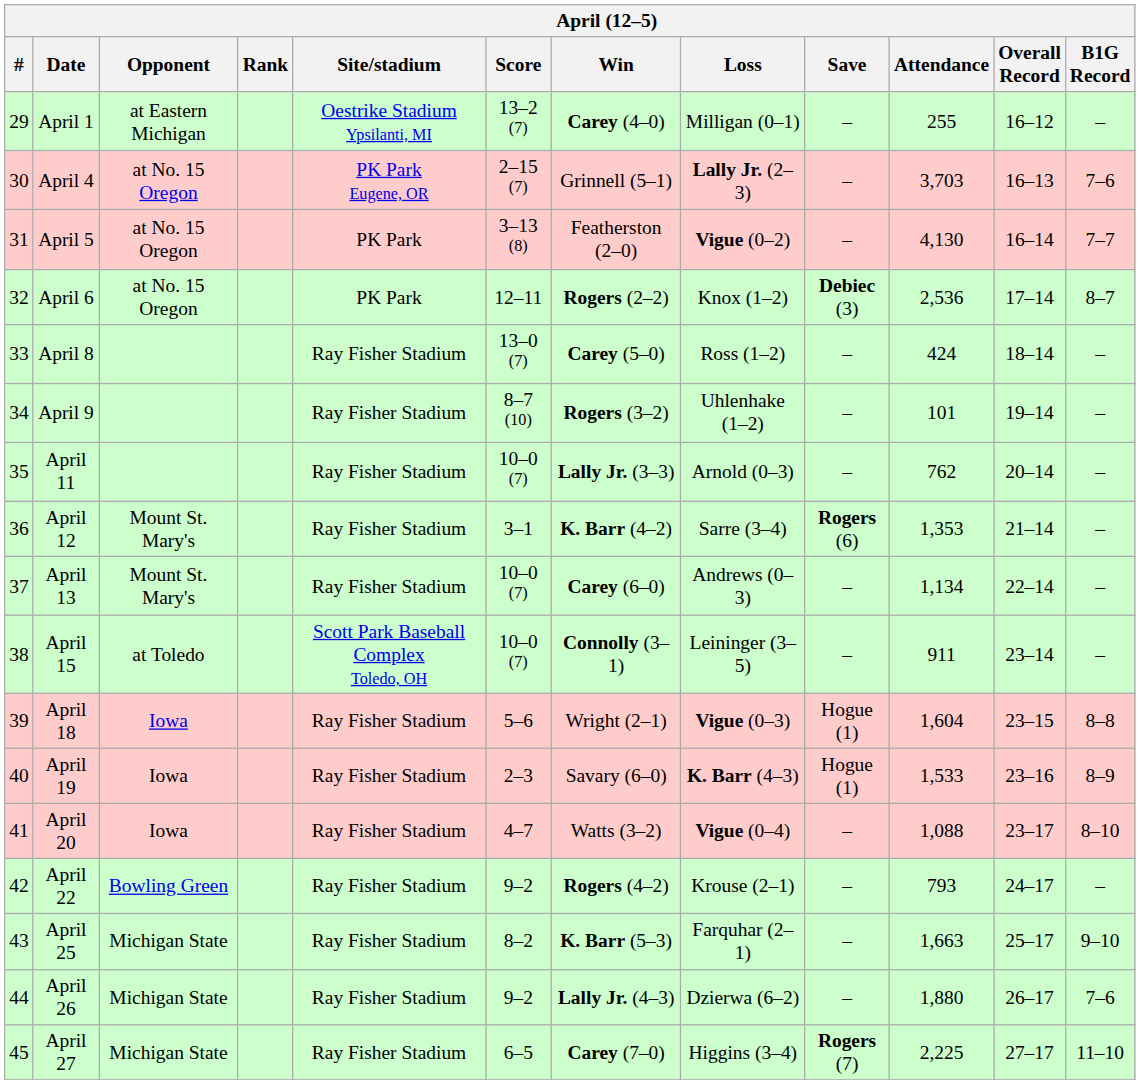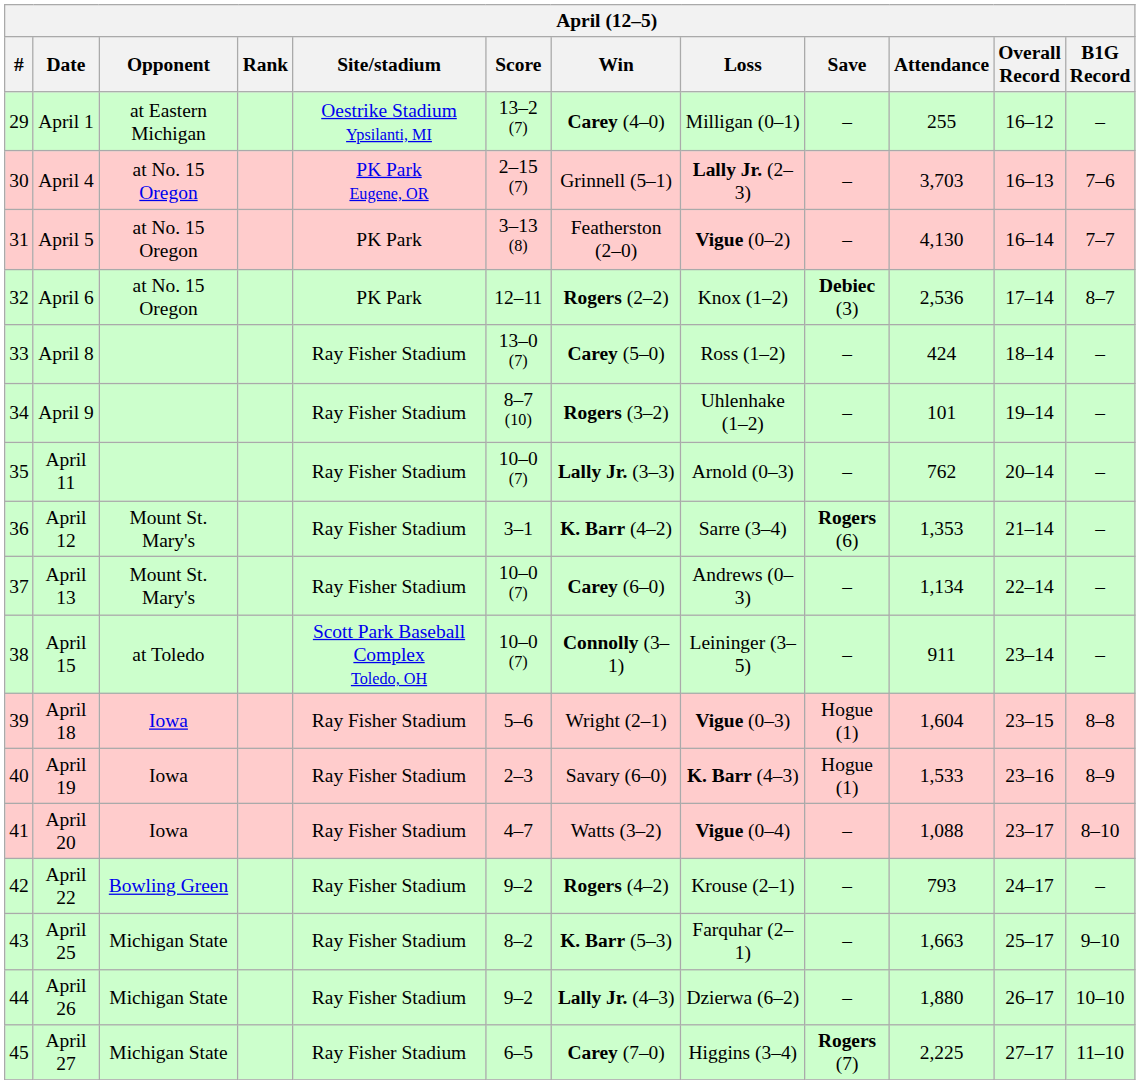 <table class="wikitable collapsible" style="margin:auto; width:100%; text-align:center; font-size:95%">
 <tr>
 <th colspan=12 style="padding-left:4em;">April (12–5)</th>
 </tr>
 <tr>
 <th>#</th>
 <th>Date</th>
 <th>Opponent</th>
 <th>Rank</th>
 <th>Site/stadium</th>
 <th>Score</th>
 <th>Win</th>
 <th>Loss</th>
 <th>Save</th>
 <th>Attendance</th>
 <th>Overall<br>Record</th>
 <th>B1G<br>Record</th>
 </tr>
 <tr align="center" bgcolor="ccffcc">
 <td>29</td>
 <td>April 1</td>
 <td>at Eastern Michigan</td>
 <td></td>
 <td><a href='#'>Oestrike Stadium</a><br><small><a href='#'>Ypsilanti, MI</a></small></td>
 <td>13–2 <sup>(7)</sup></td>
 <td><strong>Carey</strong> (4–0)</td>
 <td>Milligan (0–1)</td>
 <td>–</td>
 <td>255</td>
 <td>16–12</td>
 <td>–</td>
 </tr>
 <tr align="center" bgcolor="ffcccc">
 <td>30</td>
 <td>April 4</td>
 <td>at No. 15 <a href='#'>Oregon</a></td>
 <td></td>
 <td><a href='#'>PK Park</a><br><small><a href='#'>Eugene, OR</a></small></td>
 <td>2–15 <sup>(7)</sup></td>
 <td>Grinnell (5–1)</td>
 <td><strong>Lally Jr.</strong> (2–3)</td>
 <td>–</td>
 <td>3,703</td>
 <td>16–13</td>
 <td>7–6</td>
 </tr>
 <tr align="center" bgcolor="ffcccc">
 <td>31</td>
 <td>April 5</td>
 <td>at No. 15 Oregon</td>
 <td></td>
 <td>PK Park</td>
 <td>3–13 <sup>(8)</sup></td>
 <td>Featherston (2–0)</td>
 <td><strong>Vigue</strong> (0–2)</td>
 <td>–</td>
 <td>4,130</td>
 <td>16–14</td>
 <td>7–7</td>
 </tr>
 <tr align="center" bgcolor="ccffcc">
 <td>32</td>
 <td>April 6</td>
 <td>at No. 15 Oregon</td>
 <td></td>
 <td>PK Park</td>
 <td>12–11</td>
 <td><strong>Rogers</strong> (2–2)</td>
 <td>Knox (1–2)</td>
 <td><strong>Debiec</strong> (3)</td>
 <td>2,536</td>
 <td>17–14</td>
 <td>8–7</td>
 </tr>
 <tr align="center" bgcolor="ccffcc">
 <td>33</td>
 <td>April 8</td>
 <td></td>
 <td></td>
 <td>Ray Fisher Stadium</td>
 <td>13–0 <sup>(7)</sup></td>
 <td><strong>Carey</strong> (5–0)</td>
 <td>Ross (1–2)</td>
 <td>–</td>
 <td>424</td>
 <td>18–14</td>
 <td>–</td>
 </tr>
 <tr align="center" bgcolor="ccffcc">
 <td>34</td>
 <td>April 9</td>
 <td></td>
 <td></td>
 <td>Ray Fisher Stadium</td>
 <td>8–7 <sup>(10)</sup></td>
 <td><strong>Rogers</strong> (3–2)</td>
 <td>Uhlenhake (1–2)</td>
 <td>–</td>
 <td>101</td>
 <td>19–14</td>
 <td>–</td>
 </tr>
 <tr align="center" bgcolor="ccffcc">
 <td>35</td>
 <td>April 11</td>
 <td></td>
 <td></td>
 <td>Ray Fisher Stadium</td>
 <td>10–0 <sup>(7)</sup></td>
 <td><strong>Lally Jr.</strong> (3–3)</td>
 <td>Arnold (0–3)</td>
 <td>–</td>
 <td>762</td>
 <td>20–14</td>
 <td>–</td>
 </tr>
 <tr align="center" bgcolor="ccffcc">
 <td>36</td>
 <td>April 12</td>
 <td>Mount St. Mary's</td>
 <td></td>
 <td>Ray Fisher Stadium</td>
 <td>3–1</td>
 <td><strong>K. Barr</strong> (4–2)</td>
 <td>Sarre (3–4)</td>
 <td><strong>Rogers</strong> (6)</td>
 <td>1,353</td>
 <td>21–14</td>
 <td>–</td>
 </tr>
 <tr align="center" bgcolor="ccffcc">
 <td>37</td>
 <td>April 13</td>
 <td>Mount St. Mary's</td>
 <td></td>
 <td>Ray Fisher Stadium</td>
 <td>10–0 <sup>(7)</sup></td>
 <td><strong>Carey</strong> (6–0)</td>
 <td>Andrews (0–3)</td>
 <td>–</td>
 <td>1,134</td>
 <td>22–14</td>
 <td>–</td>
 </tr>
 <tr align="center" bgcolor="ccffcc">
 <td>38</td>
 <td>April 15</td>
 <td>at Toledo</td>
 <td></td>
 <td><a href='#'>Scott Park Baseball Complex</a><br><small><a href='#'>Toledo, OH</a></small></td>
 <td>10–0 <sup>(7)</sup></td>
 <td><strong>Connolly</strong> (3–1)</td>
 <td>Leininger (3–5)</td>
 <td>–</td>
 <td>911</td>
 <td>23–14</td>
 <td>–</td>
 </tr>
 <tr align="center" bgcolor="ffcccc">
 <td>39</td>
 <td>April 18</td>
 <td><a href='#'>Iowa</a></td>
 <td></td>
 <td>Ray Fisher Stadium</td>
 <td>5–6</td>
 <td>Wright (2–1)</td>
 <td><strong>Vigue</strong> (0–3)</td>
 <td>Hogue (1)</td>
 <td>1,604</td>
 <td>23–15</td>
 <td>8–8</td>
 </tr>
 <tr align="center" bgcolor="ffcccc">
 <td>40</td>
 <td>April 19</td>
 <td>Iowa</td>
 <td></td>
 <td>Ray Fisher Stadium</td>
 <td>2–3</td>
 <td>Savary (6–0)</td>
 <td><strong>K. Barr</strong> (4–3)</td>
 <td>Hogue (1)</td>
 <td>1,533</td>
 <td>23–16</td>
 <td>8–9</td>
 </tr>
 <tr align="center" bgcolor="ffcccc">
 <td>41</td>
 <td>April 20</td>
 <td>Iowa</td>
 <td></td>
 <td>Ray Fisher Stadium</td>
 <td>4–7</td>
 <td>Watts (3–2)</td>
 <td><strong>Vigue</strong> (0–4)</td>
 <td>–</td>
 <td>1,088</td>
 <td>23–17</td>
 <td>8–10</td>
 </tr>
 <tr align="center" bgcolor="ccffcc">
 <td>42</td>
 <td>April 22</td>
 <td><a href='#'>Bowling Green</a></td>
 <td></td>
 <td>Ray Fisher Stadium</td>
 <td>9–2</td>
 <td><strong>Rogers</strong> (4–2)</td>
 <td>Krouse (2–1)</td>
 <td>–</td>
 <td>793</td>
 <td>24–17</td>
 <td>–</td>
 </tr>
 <tr align="center" bgcolor="ccffcc">
 <td>43</td>
 <td>April 25</td>
 <td>Michigan State</td>
 <td></td>
 <td>Ray Fisher Stadium</td>
 <td>8–2</td>
 <td><strong>K. Barr</strong> (5–3)</td>
 <td>Farquhar (2–1)</td>
 <td>–</td>
 <td>1,663</td>
 <td>25–17</td>
 <td>9–10</td>
 </tr>
 <tr align="center" bgcolor="ccffcc">
 <td>44</td>
 <td>April 26</td>
 <td>Michigan State</td>
 <td></td>
 <td>Ray Fisher Stadium</td>
 <td>9–2</td>
 <td><strong>Lally Jr.</strong> (4–3)</td>
 <td>Dzierwa (6–2)</td>
 <td>–</td>
 <td>1,880</td>
 <td>26–17</td>
-<td>7–6</td>
+<td>10–10</td>
 </tr>
 <tr align="center" bgcolor="ccffcc">
 <td>45</td>
 <td>April 27</td>
 <td>Michigan State</td>
 <td></td>
 <td>Ray Fisher Stadium</td>
 <td>6–5</td>
 <td><strong>Carey</strong> (7–0)</td>
 <td>Higgins (3–4)</td>
 <td><strong>Rogers</strong> (7)</td>
 <td>2,225</td>
 <td>27–17</td>
 <td>11–10</td>
 </tr>
 </table>
